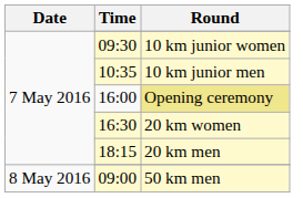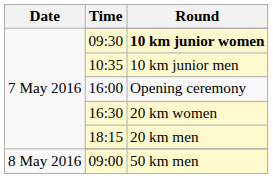 <table class="wikitable">
 <tr>
 <th>Date</th>
 <th>Time</th>
 <th>Round</th>
 </tr>
 <tr>
 <td rowspan=6>7 May 2016</td>
 </tr>
 <tr style=background:lemonchiffon>
 <td>09:30</td>
-<td>10 km junior women</td>
+<td><strong>10 km junior women</strong></td>
 </tr>
 <tr style=background:lemonchiffon>
 <td>10:35</td>
 <td>10 km junior men</td>
 </tr>
 <tr>
 <td>16:00</td>
-<td style="background: khaki;">Opening ceremony</td>
+<td>Opening ceremony</td>
 </tr>
 <tr style=background:lemonchiffon>
 <td>16:30</td>
 <td>20 km women</td>
 </tr>
 <tr style=background:lemonchiffon>
 <td>18:15</td>
 <td>20 km men</td>
 </tr>
 <tr>
 <td rowspan=2>8 May 2016</td>
 </tr>
 <tr style=background:lemonchiffon>
 <td>09:00</td>
 <td>50 km men</td>
 </tr>
 </table>
